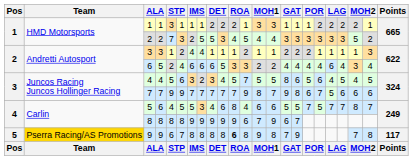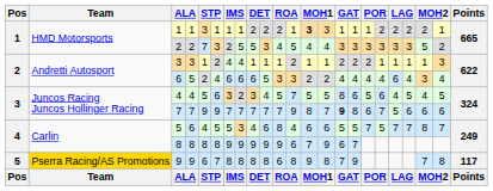 <table class="wikitable" style="font-size: 85%;">
 <tr>
 <th>Pos</th>
 <th>Team</th>
 <th colspan="2"><a href='#'>ALA</a></th>
 <th colspan="2"><a href='#'>STP</a></th>
 <th colspan="2"><a href='#'>IMS</a></th>
 <th colspan="2"><a href='#'>DET</a></th>
 <th colspan="2"><a href='#'>ROA</a></th>
 <th colspan="2"><a href='#'>MOH</a>1</th>
 <th colspan="2"><a href='#'>GAT</a></th>
 <th colspan="2"><a href='#'>POR</a></th>
 <th colspan="2"><a href='#'>LAG</a></th>
 <th colspan="2"><a href='#'>MOH</a>2</th>
 <th>Points</th>
 </tr>
 <tr>
 <th rowspan="2">1</th>
 <td rowspan="2"><a href='#'>HMD Motorsports</a></td>
 <td style="background:#FFFFBF;" align="center">1</td>
 <td style="background:#FFFFBF;" align="center">1</td>
 <td style="background:#FFDF9F;" align="center">3</td>
 <td style="background:#FFFFBF;" align="center">1</td>
 <td style="background:#FFFFBF;" align="center">1</td>
 <td style="background:#FFFFBF;" align="center">1</td>
 <td style="background:#DFDFDF;" align="center">2</td>
 <td style="background:#DFDFDF;" align="center">2</td>
 <td style="background:#DFDFDF;" align="center">2</td>
 <td style="background:#FFFFBF;" align="center">1</td>
-<td style="background:#FFDF9F;" align="center">3</td>
+<td style="background:#FFDF9F;" align="center"><strong>3</strong></td>
 <td style="background:#FFDF9F;" align="center">3</td>
 <td style="background:#FFFFBF;" align="center">1</td>
 <td style="background:#FFFFBF;" align="center">1</td>
 <td style="background:#FFFFBF;" align="center">1</td>
 <td style="background:#DFDFDF;" align="center">2</td>
 <td style="background:#DFDFDF;" align="center">2</td>
 <td style="background:#DFDFDF;" align="center">2</td>
 <td style="background:#DFDFDF;" align="center">2</td>
 <td style="background:#FFFFBF;" align="center">1</td>
 <th rowspan="2">665</th>
 </tr>
 <tr>
 <td style="background:#DFDFDF;" align="center">2</td>
 <td style="background:#DFDFDF;" align="center">2</td>
 <td style="background:#CFEAFF;" align="center">7</td>
 <td style="background:#FFDF9F;" align="center">3</td>
 <td style="background:#DFDFDF;" align="center">2</td>
 <td style="background:#DFFFDF;" align="center">5</td>
 <td style="background:#DFFFDF;" align="center">5</td>
 <td style="background:#FFDF9F;" align="center">3</td>
 <td style="background:#DFFFDF;" align="center">4</td>
 <td style="background:#DFFFDF;" align="center">5</td>
 <td style="background:#DFFFDF;" align="center">4</td>
 <td style="background:#DFFFDF;" align="center">4</td>
 <td style="background:#FFDF9F;" align="center">3</td>
 <td style="background:#FFDF9F;" align="center">3</td>
 <td style="background:#FFDF9F;" align="center">3</td>
 <td style="background:#FFDF9F;" align="center">3</td>
 <td style="background:#FFDF9F;" align="center">3</td>
 <td style="background:#FFDF9F;" align="center">3</td>
 <td style="background:#DFFFDF;" align="center">5</td>
 <td style="background:#DFDFDF;" align="center">2</td>
 </tr>
 <tr>
 <th rowspan="2">2</th>
 <td rowspan="2"><a href='#'>Andretti Autosport</a></td>
 <td style="background:#FFDF9F;" align="center">3</td>
 <td style="background:#FFDF9F;" align="center">3</td>
 <td style="background:#FFFFBF;" align="center">1</td>
 <td style="background:#DFDFDF;" align="center">2</td>
 <td style="background:#DFFFDF;" align="center">4</td>
 <td style="background:#DFFFDF;" align="center">4</td>
 <td style="background:#FFFFBF;" align="center">1</td>
 <td style="background:#FFFFBF;" align="center">1</td>
 <td style="background:#FFFFBF;" align="center">1</td>
 <td style="background:#DFDFDF;" align="center">2</td>
 <td style="background:#FFFFBF;" align="center">1</td>
 <td style="background:#FFFFBF;" align="center">1</td>
 <td style="background:#DFDFDF;" align="center">2</td>
 <td style="background:#DFDFDF;" align="center">2</td>
 <td style="background:#DFDFDF;" align="center">2</td>
 <td style="background:#FFFFBF;" align="center">1</td>
 <td style="background:#FFFFBF;" align="center">1</td>
 <td style="background:#FFFFBF;" align="center">1</td>
 <td style="background:#FFFFBF;" align="center">1</td>
 <td style="background:#FFDF9F;" align="center">3</td>
 <th rowspan="2">622</th>
 </tr>
 <tr>
 <td style="background:#CFEAFF;" align="center">6</td>
 <td style="background:#DFFFDF;" align="center">5</td>
 <td style="background:#DFDFDF;" align="center">2</td>
 <td style="background:#DFFFDF;" align="center">4</td>
 <td style="background:#CFEAFF;" align="center">6</td>
 <td style="background:#CFEAFF;" align="center">6</td>
 <td style="background:#CFEAFF;" align="center">6</td>
 <td style="background:#DFFFDF;" align="center">5</td>
 <td style="background:#FFDF9F;" align="center">3</td>
 <td style="background:#FFDF9F;" align="center">3</td>
 <td style="background:#DFDFDF;" align="center">2</td>
 <td style="background:#DFDFDF;" align="center">2</td>
 <td style="background:#DFFFDF;" align="center">4</td>
 <td style="background:#DFFFDF;" align="center">4</td>
 <td style="background:#DFFFDF;" align="center">4</td>
 <td style="background:#DFFFDF;" align="center">4</td>
 <td style="background:#CFEAFF;" align="center">6</td>
 <td style="background:#DFFFDF;" align="center">4</td>
 <td style="background:#FFDF9F;" align="center">3</td>
 <td style="background:#DFFFDF;" align="center">4</td>
 </tr>
 <tr>
 <th rowspan="2">3</th>
 <td rowspan="2"><a href='#'>Juncos Racing</a><br><a href='#'>Juncos Hollinger Racing</a></td>
 <td style="background:#DFFFDF;" align="center">4</td>
 <td style="background:#DFFFDF;" align="center">4</td>
 <td style="background:#DFFFDF;" align="center">5</td>
 <td style="background:#CFEAFF;" align="center">6</td>
 <td style="background:#FFDF9F;" align="center">3</td>
 <td style="background:#DFDFDF;" align="center">2</td>
 <td style="background:#FFDF9F;" align="center">3</td>
 <td style="background:#DFFFDF;" align="center">4</td>
 <td style="background:#DFFFDF;" align="center">5</td>
 <td style="background:#CFEAFF;" align="center">7</td>
 <td style="background:#DFFFDF;" align="center">5</td>
 <td style="background:#DFFFDF;" align="center">5</td>
 <td style="background:#CFEAFF;" align="center">8</td>
 <td style="background:#CFEAFF;" align="center">6</td>
 <td style="background:#DFFFDF;" align="center">5</td>
 <td style="background:#CFEAFF;" align="center">6</td>
 <td style="background:#DFFFDF;" align="center">4</td>
 <td style="background:#DFFFDF;" align="center">5</td>
 <td style="background:#DFFFDF;" align="center">4</td>
 <td style="background:#DFFFDF;" align="center">5</td>
 <th rowspan="2">324</th>
 </tr>
 <tr>
 <td style="background:#CFEAFF;" align="center">7</td>
 <td style="background:#CFEAFF;" align="center">7</td>
 <td style="background:#CFEAFF;" align="center">9</td>
 <td style="background:#CFEAFF;" align="center">9</td>
 <td style="background:#CFEAFF;" align="center">7</td>
 <td style="background:#CFEAFF;" align="center">7</td>
 <td style="background:#CFEAFF;" align="center">7</td>
 <td style="background:#CFEAFF;" align="center">7</td>
 <td style="background:#CFEAFF;" align="center">7</td>
 <td style="background:#CFEAFF;" align="center">9</td>
 <td style="background:#CFEAFF;" align="center">8</td>
 <td style="background:#CFEAFF;" align="center">7</td>
-<td style="background:#CFEAFF;" align="center">9</td>
+<td style="background:#CFEAFF;" align="center"><strong>9</strong></td>
 <td style="background:#CFEAFF;" align="center">8</td>
 <td style="background:#CFEAFF;" align="center">6</td>
 <td style="background:#CFEAFF;" align="center">7</td>
 <td style="background:#DFFFDF;" align="center">5</td>
 <td style="background:#CFEAFF;" align="center">6</td>
 <td style="background:#CFEAFF;" align="center">6</td>
 <td style="background:#CFEAFF;" align="center">6</td>
 </tr>
 <tr>
 <th rowspan="2">4</th>
 <td rowspan="2"><a href='#'>Carlin</a></td>
 <td style="background:#DFFFDF;" align="center">5</td>
 <td style="background:#CFEAFF;" align="center">6</td>
 <td style="background:#DFFFDF;" align="center">4</td>
 <td style="background:#DFFFDF;" align="center">5</td>
 <td style="background:#DFFFDF;" align="center">5</td>
 <td style="background:#FFDF9F;" align="center">3</td>
 <td style="background:#DFFFDF;" align="center">4</td>
 <td style="background:#CFEAFF;" align="center">6</td>
 <td style="background:#CFEAFF;" align="center">8</td>
 <td style="background:#DFFFDF;" align="center">4</td>
 <td style="background:#CFEAFF;" align="center">6</td>
 <td style="background:#CFEAFF;" align="center">6</td>
 <td style="background:#DFFFDF;" align="center">5</td>
 <td style="background:#DFFFDF;" align="center">5</td>
 <td style="background:#CFEAFF;" align="center">7</td>
 <td style="background:#DFFFDF;" align="center">5</td>
 <td style="background:#CFEAFF;" align="center">7</td>
 <td style="background:#CFEAFF;" align="center">7</td>
 <td style="background:#CFEAFF;" align="center">8</td>
 <td style="background:#CFEAFF;" align="center">7</td>
 <th rowspan="2">249</th>
 </tr>
 <tr>
 <td style="background:#CFEAFF;" align="center">8</td>
 <td style="background:#CFEAFF;" align="center">8</td>
 <td style="background:#CFEAFF;" align="center">8</td>
 <td style="background:#CFEAFF;" align="center">8</td>
 <td style="background:#CFEAFF;" align="center">9</td>
 <td style="background:#CFEAFF;" align="center">9</td>
 <td style="background:#CFEAFF;" align="center">9</td>
 <td style="background:#CFEAFF;" align="center">9</td>
 <td style="background:#CFEAFF;" align="center">9</td>
 <td style="background:#CFEAFF;" align="center">6</td>
 <td style="background:#CFEAFF;" align="center">7</td>
 <td style="background:#CFEAFF;" align="center">9</td>
 <td style="background:#CFEAFF;" align="center">6</td>
 <td style="background:#CFEAFF;" align="center">7</td>
 <td></td>
 <td></td>
 <td></td>
 <td></td>
 <td></td>
 <td></td>
 </tr>
 <tr>
 <th>5</th>
 <td style="background: gold;">Pserra Racing/AS Promotions</td>
 <td style="background:#CFEAFF;" align="center">9</td>
 <td style="background:#CFEAFF;" align="center">9</td>
 <td style="background:#CFEAFF;" align="center">6</td>
 <td style="background:#CFEAFF;" align="center">7</td>
 <td style="background:#CFEAFF;" align="center">8</td>
 <td style="background:#CFEAFF;" align="center">8</td>
 <td style="background:#CFEAFF;" align="center">8</td>
 <td style="background:#CFEAFF;" align="center">8</td>
-<td style="background:#CFEAFF;" align="center"><strong>6</strong></td>
+<td style="background:#CFEAFF;" align="center">6</td>
 <td style="background:#CFEAFF;" align="center">8</td>
 <td style="background:#CFEAFF;" align="center">9</td>
 <td style="background:#CFEAFF;" align="center">8</td>
 <td style="background:#CFEAFF;" align="center">7</td>
 <td style="background:#CFEAFF;" align="center">9</td>
 <td></td>
 <td></td>
 <td></td>
 <td></td>
 <td style="background:#CFEAFF;" align="center">7</td>
 <td style="background:#CFEAFF;" align="center">8</td>
 <th>117</th>
 </tr>
 <tr>
 <th>Pos</th>
 <th>Team</th>
 <th colspan="2"><a href='#'>ALA</a></th>
 <th colspan="2"><a href='#'>STP</a></th>
 <th colspan="2"><a href='#'>IMS</a></th>
 <th colspan="2"><a href='#'>DET</a></th>
 <th colspan="2"><a href='#'>ROA</a></th>
 <th colspan="2"><a href='#'>MOH</a>1</th>
 <th colspan="2"><a href='#'>GAT</a></th>
 <th colspan="2"><a href='#'>POR</a></th>
 <th colspan="2"><a href='#'>LAG</a></th>
 <th colspan="2"><a href='#'>MOH</a>2</th>
 <th>Points</th>
 </tr>
 </table>
